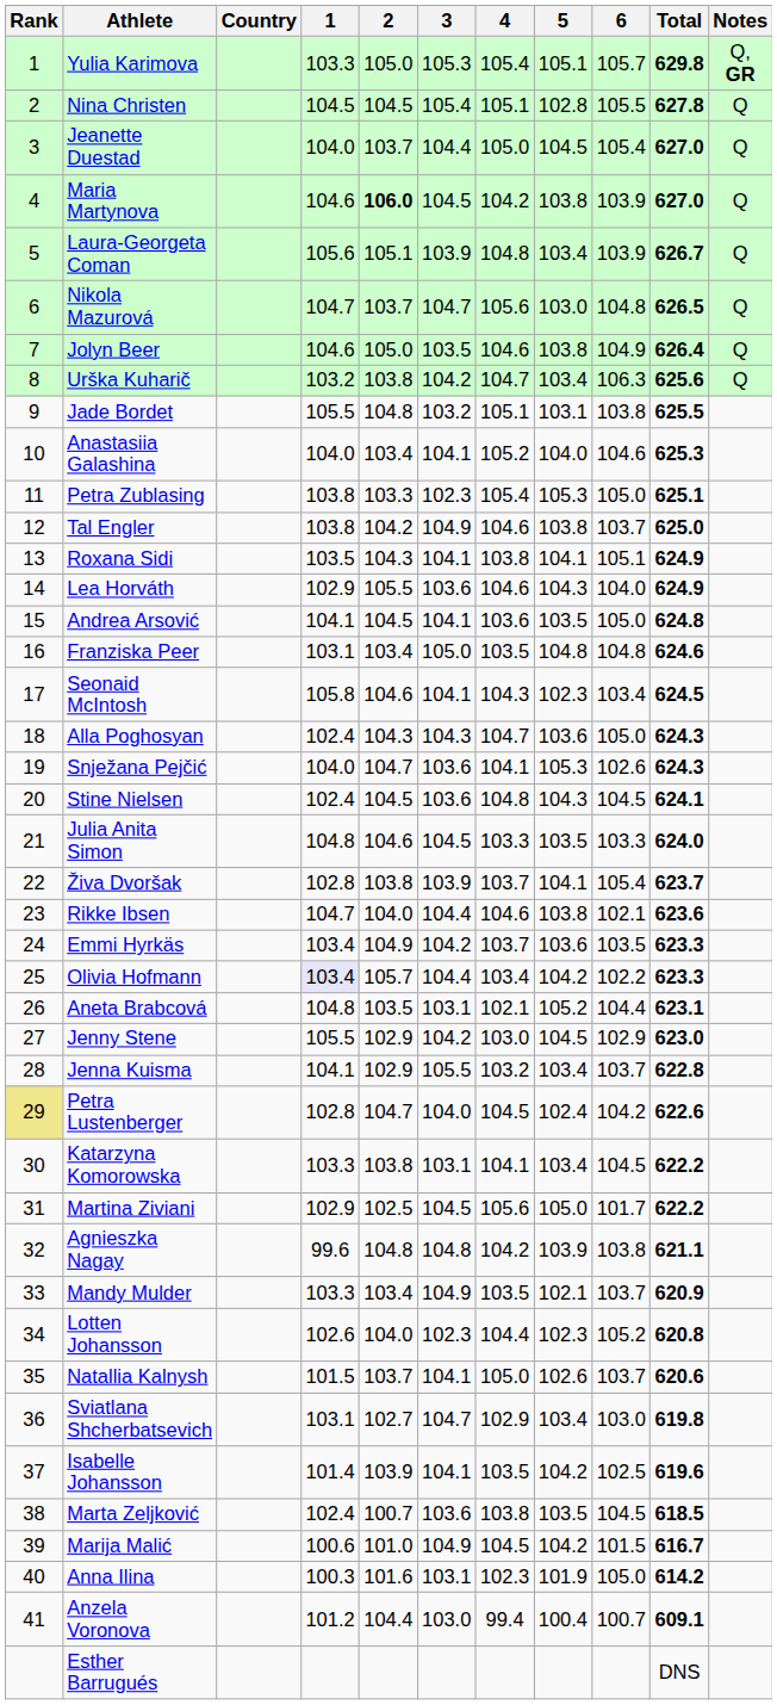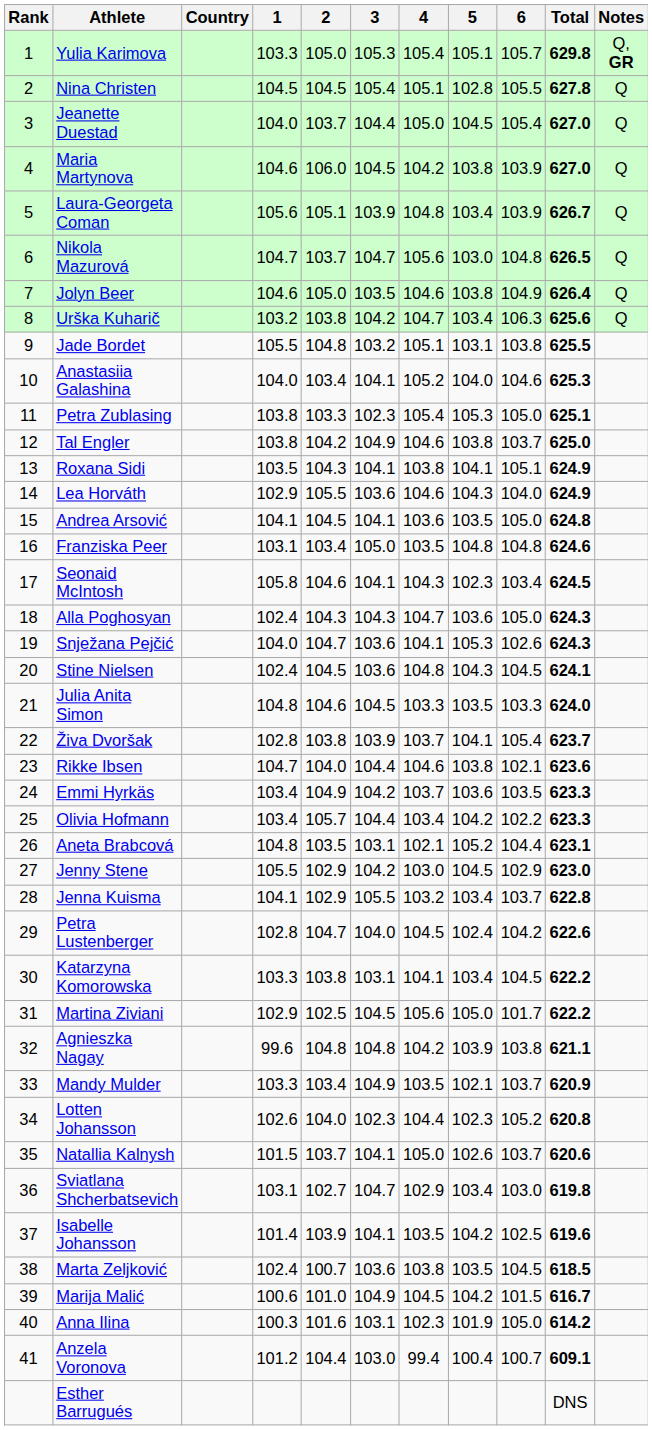 <table class="wikitable sortable" style="text-align:center">
 <tr>
 <th>Rank</th>
 <th>Athlete</th>
 <th>Country</th>
 <th class=unsortable width=30px>1</th>
 <th class=unsortable width=30px>2</th>
 <th class=unsortable width=30px>3</th>
 <th class=unsortable width=30px>4</th>
 <th class=unsortable width=30px>5</th>
 <th class=unsortable width=30px>6</th>
 <th>Total</th>
 <th class=unsortable>Notes</th>
 </tr>
 <tr bgcolor=ccffcc>
 <td>1</td>
 <td align=left><a href='#'>Yulia Karimova</a></td>
 <td align=left></td>
 <td>103.3</td>
 <td>105.0</td>
 <td>105.3</td>
 <td>105.4</td>
 <td>105.1</td>
 <td>105.7</td>
 <td><strong>629.8</strong></td>
 <td>Q, <strong>GR</strong></td>
 </tr>
 <tr bgcolor=ccffcc>
 <td>2</td>
 <td align=left><a href='#'>Nina Christen</a></td>
 <td align=left></td>
 <td>104.5</td>
 <td>104.5</td>
 <td>105.4</td>
 <td>105.1</td>
 <td>102.8</td>
 <td>105.5</td>
 <td><strong>627.8</strong></td>
 <td>Q</td>
 </tr>
 <tr bgcolor=ccffcc>
 <td>3</td>
 <td align=left><a href='#'>Jeanette Duestad</a></td>
 <td align=left></td>
 <td>104.0</td>
 <td>103.7</td>
 <td>104.4</td>
 <td>105.0</td>
 <td>104.5</td>
 <td>105.4</td>
 <td><strong>627.0</strong></td>
 <td>Q</td>
 </tr>
 <tr bgcolor=ccffcc>
 <td>4</td>
 <td align=left><a href='#'>Maria Martynova</a></td>
 <td align=left></td>
 <td>104.6</td>
-<td><strong>106.0</strong></td>
+<td>106.0</td>
 <td>104.5</td>
 <td>104.2</td>
 <td>103.8</td>
 <td>103.9</td>
 <td><strong>627.0</strong></td>
 <td>Q</td>
 </tr>
 <tr bgcolor=ccffcc>
 <td>5</td>
 <td align=left><a href='#'>Laura-Georgeta Coman</a></td>
 <td align=left></td>
 <td>105.6</td>
 <td>105.1</td>
 <td>103.9</td>
 <td>104.8</td>
 <td>103.4</td>
 <td>103.9</td>
 <td><strong>626.7</strong></td>
 <td>Q</td>
 </tr>
 <tr bgcolor=ccffcc>
 <td>6</td>
 <td align=left><a href='#'>Nikola Mazurová</a></td>
 <td align=left></td>
 <td>104.7</td>
 <td>103.7</td>
 <td>104.7</td>
 <td>105.6</td>
 <td>103.0</td>
 <td>104.8</td>
 <td><strong>626.5</strong></td>
 <td>Q</td>
 </tr>
 <tr bgcolor=ccffcc>
 <td>7</td>
 <td align=left><a href='#'>Jolyn Beer</a></td>
 <td align=left></td>
 <td>104.6</td>
 <td>105.0</td>
 <td>103.5</td>
 <td>104.6</td>
 <td>103.8</td>
 <td>104.9</td>
 <td><strong>626.4</strong></td>
 <td>Q</td>
 </tr>
 <tr bgcolor=ccffcc>
 <td>8</td>
 <td align=left><a href='#'>Urška Kuharič</a></td>
 <td align=left></td>
 <td>103.2</td>
 <td>103.8</td>
 <td>104.2</td>
 <td>104.7</td>
 <td>103.4</td>
 <td>106.3</td>
 <td><strong>625.6</strong></td>
 <td>Q</td>
 </tr>
 <tr>
 <td>9</td>
 <td align=left><a href='#'>Jade Bordet</a></td>
 <td align=left></td>
 <td>105.5</td>
 <td>104.8</td>
 <td>103.2</td>
 <td>105.1</td>
 <td>103.1</td>
 <td>103.8</td>
 <td><strong>625.5</strong></td>
 <td></td>
 </tr>
 <tr>
 <td>10</td>
 <td align=left><a href='#'>Anastasiia Galashina</a></td>
 <td align=left></td>
 <td>104.0</td>
 <td>103.4</td>
 <td>104.1</td>
 <td>105.2</td>
 <td>104.0</td>
 <td>104.6</td>
 <td><strong>625.3</strong></td>
 <td></td>
 </tr>
 <tr>
 <td>11</td>
 <td align=left><a href='#'>Petra Zublasing</a></td>
 <td align=left></td>
 <td>103.8</td>
 <td>103.3</td>
 <td>102.3</td>
 <td>105.4</td>
 <td>105.3</td>
 <td>105.0</td>
 <td><strong>625.1</strong></td>
 <td></td>
 </tr>
 <tr>
 <td>12</td>
 <td align=left><a href='#'>Tal Engler</a></td>
 <td align=left></td>
 <td>103.8</td>
 <td>104.2</td>
 <td>104.9</td>
 <td>104.6</td>
 <td>103.8</td>
 <td>103.7</td>
 <td><strong>625.0</strong></td>
 <td></td>
 </tr>
 <tr>
 <td>13</td>
 <td align=left><a href='#'>Roxana Sidi</a></td>
 <td align=left></td>
 <td>103.5</td>
 <td>104.3</td>
 <td>104.1</td>
 <td>103.8</td>
 <td>104.1</td>
 <td>105.1</td>
 <td><strong>624.9</strong></td>
 <td></td>
 </tr>
 <tr>
 <td>14</td>
 <td align=left><a href='#'>Lea Horváth</a></td>
 <td align=left></td>
 <td>102.9</td>
 <td>105.5</td>
 <td>103.6</td>
 <td>104.6</td>
 <td>104.3</td>
 <td>104.0</td>
 <td><strong>624.9</strong></td>
 <td></td>
 </tr>
 <tr>
 <td>15</td>
 <td align=left><a href='#'>Andrea Arsović</a></td>
 <td align=left></td>
 <td>104.1</td>
 <td>104.5</td>
 <td>104.1</td>
 <td>103.6</td>
 <td>103.5</td>
 <td>105.0</td>
 <td><strong>624.8</strong></td>
 <td></td>
 </tr>
 <tr>
 <td>16</td>
 <td align=left><a href='#'>Franziska Peer</a></td>
 <td align=left></td>
 <td>103.1</td>
 <td>103.4</td>
 <td>105.0</td>
 <td>103.5</td>
 <td>104.8</td>
 <td>104.8</td>
 <td><strong>624.6</strong></td>
 <td></td>
 </tr>
 <tr>
 <td>17</td>
 <td align=left><a href='#'>Seonaid McIntosh</a></td>
 <td align=left></td>
 <td>105.8</td>
 <td>104.6</td>
 <td>104.1</td>
 <td>104.3</td>
 <td>102.3</td>
 <td>103.4</td>
 <td><strong>624.5</strong></td>
 <td></td>
 </tr>
 <tr>
 <td>18</td>
 <td align=left><a href='#'>Alla Poghosyan</a></td>
 <td align=left></td>
 <td>102.4</td>
 <td>104.3</td>
 <td>104.3</td>
 <td>104.7</td>
 <td>103.6</td>
 <td>105.0</td>
 <td><strong>624.3</strong></td>
 <td></td>
 </tr>
 <tr>
 <td>19</td>
 <td align=left><a href='#'>Snježana Pejčić</a></td>
 <td align=left></td>
 <td>104.0</td>
 <td>104.7</td>
 <td>103.6</td>
 <td>104.1</td>
 <td>105.3</td>
 <td>102.6</td>
 <td><strong>624.3</strong></td>
 <td></td>
 </tr>
 <tr>
 <td>20</td>
 <td align=left><a href='#'>Stine Nielsen</a></td>
 <td align=left></td>
 <td>102.4</td>
 <td>104.5</td>
 <td>103.6</td>
 <td>104.8</td>
 <td>104.3</td>
 <td>104.5</td>
 <td><strong>624.1</strong></td>
 <td></td>
 </tr>
 <tr>
 <td>21</td>
 <td align=left><a href='#'>Julia Anita Simon</a></td>
 <td align=left></td>
 <td>104.8</td>
 <td>104.6</td>
 <td>104.5</td>
 <td>103.3</td>
 <td>103.5</td>
 <td>103.3</td>
 <td><strong>624.0</strong></td>
 <td></td>
 </tr>
 <tr>
 <td>22</td>
 <td align=left><a href='#'>Živa Dvoršak</a></td>
 <td align=left></td>
 <td>102.8</td>
 <td>103.8</td>
 <td>103.9</td>
 <td>103.7</td>
 <td>104.1</td>
 <td>105.4</td>
 <td><strong>623.7</strong></td>
 <td></td>
 </tr>
 <tr>
 <td>23</td>
 <td align=left><a href='#'>Rikke Ibsen</a></td>
 <td align=left></td>
 <td>104.7</td>
 <td>104.0</td>
 <td>104.4</td>
 <td>104.6</td>
 <td>103.8</td>
 <td>102.1</td>
 <td><strong>623.6</strong></td>
 <td></td>
 </tr>
 <tr>
 <td>24</td>
 <td align=left><a href='#'>Emmi Hyrkäs</a></td>
 <td align=left></td>
 <td>103.4</td>
 <td>104.9</td>
 <td>104.2</td>
 <td>103.7</td>
 <td>103.6</td>
 <td>103.5</td>
 <td><strong>623.3</strong></td>
 <td></td>
 </tr>
 <tr>
 <td>25</td>
 <td align=left><a href='#'>Olivia Hofmann</a></td>
 <td align=left></td>
-<td style="background: lavender;">103.4</td>
+<td>103.4</td>
 <td>105.7</td>
 <td>104.4</td>
 <td>103.4</td>
 <td>104.2</td>
 <td>102.2</td>
 <td><strong>623.3</strong></td>
 <td></td>
 </tr>
 <tr>
 <td>26</td>
 <td align=left><a href='#'>Aneta Brabcová</a></td>
 <td align=left></td>
 <td>104.8</td>
 <td>103.5</td>
 <td>103.1</td>
 <td>102.1</td>
 <td>105.2</td>
 <td>104.4</td>
 <td><strong>623.1</strong></td>
 <td></td>
 </tr>
 <tr>
 <td>27</td>
 <td align=left><a href='#'>Jenny Stene</a></td>
 <td align=left></td>
 <td>105.5</td>
 <td>102.9</td>
 <td>104.2</td>
 <td>103.0</td>
 <td>104.5</td>
 <td>102.9</td>
 <td><strong>623.0</strong></td>
 <td></td>
 </tr>
 <tr>
 <td>28</td>
 <td align=left><a href='#'>Jenna Kuisma</a></td>
 <td align=left></td>
 <td>104.1</td>
 <td>102.9</td>
 <td>105.5</td>
 <td>103.2</td>
 <td>103.4</td>
 <td>103.7</td>
 <td><strong>622.8</strong></td>
 <td></td>
 </tr>
 <tr>
-<td style="background: khaki;">29</td>
+<td>29</td>
 <td align=left><a href='#'>Petra Lustenberger</a></td>
 <td align=left></td>
 <td>102.8</td>
 <td>104.7</td>
 <td>104.0</td>
 <td>104.5</td>
 <td>102.4</td>
 <td>104.2</td>
 <td><strong>622.6</strong></td>
 <td></td>
 </tr>
 <tr>
 <td>30</td>
 <td align=left><a href='#'>Katarzyna Komorowska</a></td>
 <td align=left></td>
 <td>103.3</td>
 <td>103.8</td>
 <td>103.1</td>
 <td>104.1</td>
 <td>103.4</td>
 <td>104.5</td>
 <td><strong>622.2</strong></td>
 <td></td>
 </tr>
 <tr>
 <td>31</td>
 <td align=left><a href='#'>Martina Ziviani</a></td>
 <td align=left></td>
 <td>102.9</td>
 <td>102.5</td>
 <td>104.5</td>
 <td>105.6</td>
 <td>105.0</td>
 <td>101.7</td>
 <td><strong>622.2</strong></td>
 <td></td>
 </tr>
 <tr>
 <td>32</td>
 <td align=left><a href='#'>Agnieszka Nagay</a></td>
 <td align=left></td>
 <td>99.6</td>
 <td>104.8</td>
 <td>104.8</td>
 <td>104.2</td>
 <td>103.9</td>
 <td>103.8</td>
 <td><strong>621.1</strong></td>
 <td></td>
 </tr>
 <tr>
 <td>33</td>
 <td align=left><a href='#'>Mandy Mulder</a></td>
 <td align=left></td>
 <td>103.3</td>
 <td>103.4</td>
 <td>104.9</td>
 <td>103.5</td>
 <td>102.1</td>
 <td>103.7</td>
 <td><strong>620.9</strong></td>
 <td></td>
 </tr>
 <tr>
 <td>34</td>
 <td align=left><a href='#'>Lotten Johansson</a></td>
 <td align=left></td>
 <td>102.6</td>
 <td>104.0</td>
 <td>102.3</td>
 <td>104.4</td>
 <td>102.3</td>
 <td>105.2</td>
 <td><strong>620.8</strong></td>
 <td></td>
 </tr>
 <tr>
 <td>35</td>
 <td align=left><a href='#'>Natallia Kalnysh</a></td>
 <td align=left></td>
 <td>101.5</td>
 <td>103.7</td>
 <td>104.1</td>
 <td>105.0</td>
 <td>102.6</td>
 <td>103.7</td>
 <td><strong>620.6</strong></td>
 <td></td>
 </tr>
 <tr>
 <td>36</td>
 <td align=left><a href='#'>Sviatlana Shcherbatsevich</a></td>
 <td align=left></td>
 <td>103.1</td>
 <td>102.7</td>
 <td>104.7</td>
 <td>102.9</td>
 <td>103.4</td>
 <td>103.0</td>
 <td><strong>619.8</strong></td>
 <td></td>
 </tr>
 <tr>
 <td>37</td>
 <td align=left><a href='#'>Isabelle Johansson</a></td>
 <td align=left></td>
 <td>101.4</td>
 <td>103.9</td>
 <td>104.1</td>
 <td>103.5</td>
 <td>104.2</td>
 <td>102.5</td>
 <td><strong>619.6</strong></td>
 <td></td>
 </tr>
 <tr>
 <td>38</td>
 <td align=left><a href='#'>Marta Zeljković</a></td>
 <td align=left></td>
 <td>102.4</td>
 <td>100.7</td>
 <td>103.6</td>
 <td>103.8</td>
 <td>103.5</td>
 <td>104.5</td>
 <td><strong>618.5</strong></td>
 <td></td>
 </tr>
 <tr>
 <td>39</td>
 <td align=left><a href='#'>Marija Malić</a></td>
 <td align=left></td>
 <td>100.6</td>
 <td>101.0</td>
 <td>104.9</td>
 <td>104.5</td>
 <td>104.2</td>
 <td>101.5</td>
 <td><strong>616.7</strong></td>
 <td></td>
 </tr>
 <tr>
 <td>40</td>
 <td align=left><a href='#'>Anna Ilina</a></td>
 <td align=left></td>
 <td>100.3</td>
 <td>101.6</td>
 <td>103.1</td>
 <td>102.3</td>
 <td>101.9</td>
 <td>105.0</td>
 <td><strong>614.2</strong></td>
 <td></td>
 </tr>
 <tr>
 <td>41</td>
 <td align=left><a href='#'>Anzela Voronova</a></td>
 <td align=left></td>
 <td>101.2</td>
 <td>104.4</td>
 <td>103.0</td>
 <td>99.4</td>
 <td>100.4</td>
 <td>100.7</td>
 <td><strong>609.1</strong></td>
 <td></td>
 </tr>
 <tr>
 <td></td>
 <td align=left><a href='#'>Esther Barrugués</a></td>
 <td align=left></td>
 <td></td>
 <td></td>
 <td></td>
 <td></td>
 <td></td>
 <td></td>
 <td>DNS</td>
 <td></td>
 </tr>
 </table>
